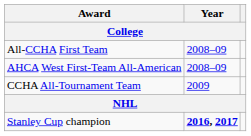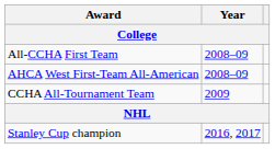 <table class="wikitable">
 <tr>
 <th>Award</th>
 <th>Year</th>
 <th></th>
 </tr>
 <tr>
 <th colspan="3"><a href='#'>College</a></th>
 </tr>
 <tr>
 <td>All-<a href='#'>CCHA</a> <a href='#'>First Team</a></td>
 <td><a href='#'>2008–09</a></td>
 <td></td>
 </tr>
 <tr>
 <td><a href='#'>AHCA</a> <a href='#'>West First-Team All-American</a></td>
 <td><a href='#'>2008–09</a></td>
 <td></td>
 </tr>
 <tr>
 <td>CCHA <a href='#'>All-Tournament Team</a></td>
 <td><a href='#'>2009</a></td>
 <td></td>
 </tr>
 <tr>
 <th colspan="3"><a href='#'>NHL</a></th>
 </tr>
 <tr>
 <td><a href='#'>Stanley Cup</a> champion</td>
-<td><strong><a href='#'>2016</a>, <a href='#'>2017</a></strong></td>
+<td><a href='#'>2016</a>, <a href='#'>2017</a></td>
 <td></td>
 </tr>
 </table>
